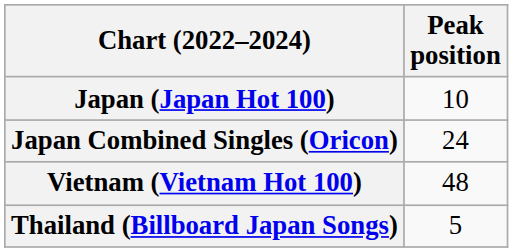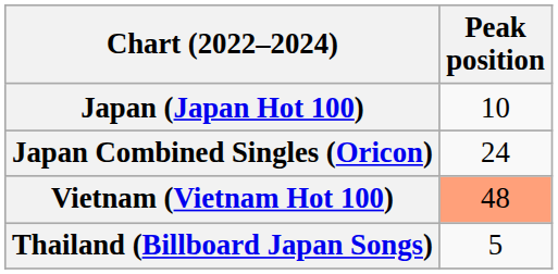 <table class="wikitable sortable plainrowheaders" style="text-align:center">
 <tr>
 <th scope="col">Chart (2022–2024)</th>
 <th scope="col">Peak<br>position</th>
 </tr>
 <tr>
 <th scope="row">Japan (<a href='#'>Japan Hot 100</a>)</th>
 <td>10</td>
 </tr>
 <tr>
 <th scope="row">Japan Combined Singles (<a href='#'>Oricon</a>)</th>
 <td>24</td>
 </tr>
 <tr>
 <th scope="row">Vietnam (<a href='#'>Vietnam Hot 100</a>)</th>
-<td>48</td>
+<td style="background: lightsalmon;">48</td>
 </tr>
 <tr>
 <th scope="row">Thailand (<a href='#'>Billboard Japan Songs</a>)</th>
 <td>5</td>
 </tr>
 </table>
